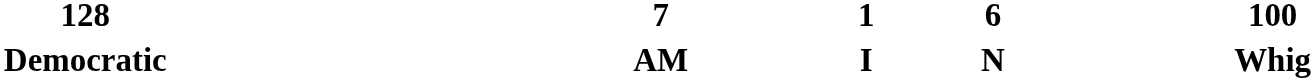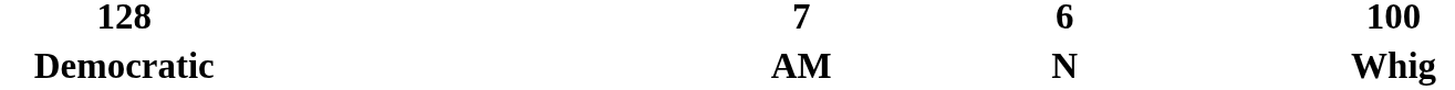 <table style="width:70%; text-align:center">
 <tr>
 <td style="background:"><strong>128</strong></td>
 <td style="background:"><strong>7</strong></td>
-<td style="background:"><strong>1</strong></td>
 <td style="background:"><strong>6</strong></td>
 <td style="background:"><strong>100</strong></td>
 </tr>
 <tr>
 <td><span><strong>Democratic</strong></span></td>
 <td><strong>AM</strong></td>
-<td><span><strong>I</strong></span></td>
 <td><span><strong>N</strong></span></td>
 <td><span><strong>Whig</strong></span></td>
 </tr>
 </table>
